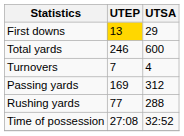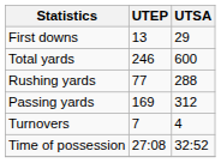 <table class="wikitable">
 <tr>
 <th>Statistics</th>
 <th>UTEP</th>
 <th>UTSA</th>
 </tr>
 <tr>
 <td>First downs</td>
-<td style="background: gold;">13</td>
+<td>13</td>
 <td>29</td>
 </tr>
 <tr>
 <td>Total yards</td>
 <td>246</td>
 <td>600</td>
 </tr>
 <tr>
-<td>Turnovers</td>
-<td>7</td>
-<td>4</td>
+<td>Rushing yards</td>
+<td>77</td>
+<td>288</td>
 </tr>
 <tr>
 <td>Passing yards</td>
 <td>169</td>
 <td>312</td>
 </tr>
 <tr>
-<td>Rushing yards</td>
-<td>77</td>
-<td>288</td>
+<td>Turnovers</td>
+<td>7</td>
+<td>4</td>
 </tr>
 <tr>
 <td>Time of possession</td>
 <td>27:08</td>
 <td>32:52</td>
 </tr>
 <tr>
 </tr>
 </table>
